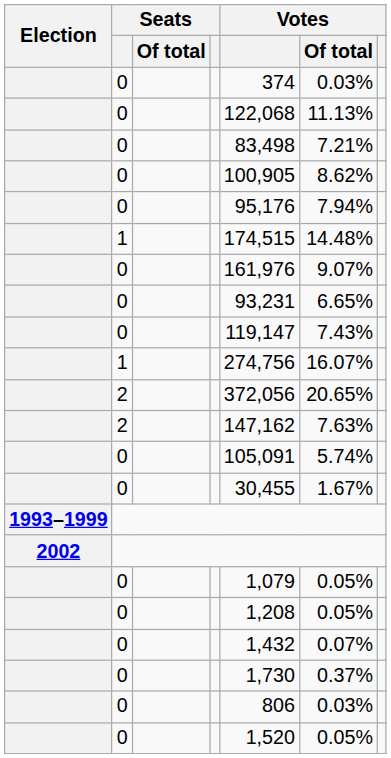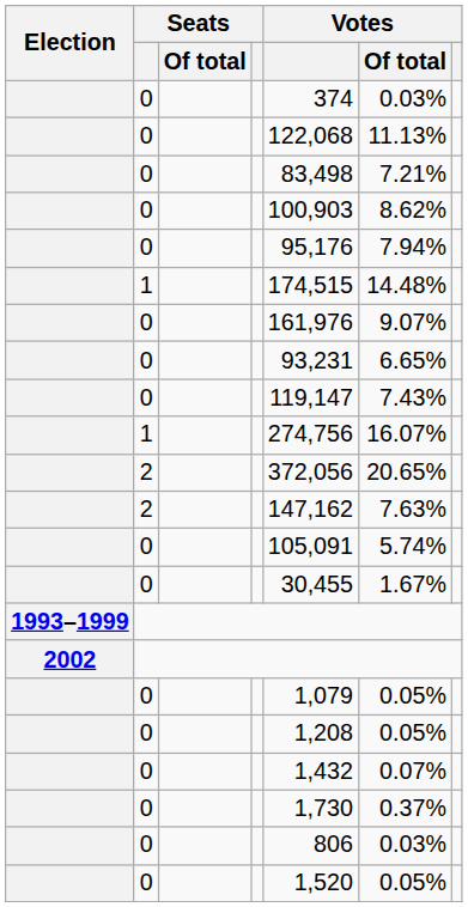 <table class="wikitable sortable" style="text-align:center;">
 <tr>
 <th rowspan=2>Election</th>
 <th colspan=3>Seats</th>
 <th colspan=3>Votes</th>
 </tr>
 <tr>
 <th></th>
 <th>Of total</th>
 <th class="unsortable"></th>
 <th></th>
 <th>Of total</th>
 <th class="unsortable"></th>
 </tr>
 <tr>
 <th></th>
 <td style="text-align:right;">0</td>
 <td style="text-align:right;"></td>
 <td data-sort-value=""></td>
 <td style="text-align:right;">374</td>
 <td style="text-align:right;">0.03%</td>
 <td></td>
 </tr>
 <tr>
 <th></th>
 <td style="text-align:right;">0</td>
 <td style="text-align:right;"></td>
 <td data-sort-value=""></td>
 <td style="text-align:right;">122,068</td>
 <td style="text-align:right;">11.13%</td>
 <td></td>
 </tr>
 <tr>
 <th></th>
 <td style="text-align:right;">0</td>
 <td style="text-align:right;"></td>
 <td data-sort-value=""></td>
 <td style="text-align:right;">83,498</td>
 <td style="text-align:right;">7.21%</td>
 <td></td>
 </tr>
 <tr>
 <th></th>
 <td style="text-align:right;">0</td>
 <td style="text-align:right;"></td>
 <td data-sort-value=""></td>
-<td style="text-align:right;">100,905</td>
+<td style="text-align:right;">100,903</td>
 <td style="text-align:right;">8.62%</td>
 <td></td>
 </tr>
 <tr>
 <th></th>
 <td style="text-align:right;">0</td>
 <td style="text-align:right;"></td>
 <td data-sort-value=""></td>
 <td style="text-align:right;">95,176</td>
 <td style="text-align:right;">7.94%</td>
 <td></td>
 </tr>
 <tr>
 <th></th>
 <td style="text-align:right;">1</td>
 <td style="text-align:right;"></td>
 <td data-sort-value=""></td>
 <td style="text-align:right;">174,515</td>
 <td style="text-align:right;">14.48%</td>
 <td></td>
 </tr>
 <tr>
 <th></th>
 <td style="text-align:right;">0</td>
 <td style="text-align:right;"></td>
 <td data-sort-value=""></td>
 <td style="text-align:right;">161,976</td>
 <td style="text-align:right;">9.07%</td>
 <td></td>
 </tr>
 <tr>
 <th></th>
 <td style="text-align:right;">0</td>
 <td style="text-align:right;"></td>
 <td data-sort-value=""></td>
 <td style="text-align:right;">93,231</td>
 <td style="text-align:right;">6.65%</td>
 <td></td>
 </tr>
 <tr>
 <th></th>
 <td style="text-align:right;">0</td>
 <td style="text-align:right;"></td>
 <td data-sort-value=""></td>
 <td style="text-align:right;">119,147</td>
 <td style="text-align:right;">7.43%</td>
 <td></td>
 </tr>
 <tr>
 <th></th>
 <td style="text-align:right;">1</td>
 <td style="text-align:right;"></td>
 <td data-sort-value=""></td>
 <td style="text-align:right;">274,756</td>
 <td style="text-align:right;">16.07%</td>
 <td></td>
 </tr>
 <tr>
 <th></th>
 <td style="text-align:right;">2</td>
 <td style="text-align:right;"></td>
 <td data-sort-value=""></td>
 <td style="text-align:right;">372,056</td>
 <td style="text-align:right;">20.65%</td>
 <td></td>
 </tr>
 <tr>
 <th></th>
 <td style="text-align:right;">2</td>
 <td style="text-align:right;"></td>
 <td data-sort-value=""></td>
 <td style="text-align:right;">147,162</td>
 <td style="text-align:right;">7.63%</td>
 <td></td>
 </tr>
 <tr>
 <th></th>
 <td style="text-align:right;">0</td>
 <td style="text-align:right;"></td>
 <td data-sort-value=""></td>
 <td style="text-align:right;">105,091</td>
 <td style="text-align:right;">5.74%</td>
 <td></td>
 </tr>
 <tr>
 <th></th>
 <td style="text-align:right;">0</td>
 <td style="text-align:right;"></td>
 <td data-sort-value=""></td>
 <td style="text-align:right;">30,455</td>
 <td style="text-align:right;">1.67%</td>
 <td></td>
 </tr>
 <tr>
 <th bgcolor=#f9f9f9><a href='#'>1993</a>–<a href='#'>1999</a></th>
 <td colspan=7></td>
 </tr>
 <tr>
 <th bgcolor=#f9f9f9><a href='#'>2002</a></th>
 <td colspan=7></td>
 </tr>
 <tr>
 <th></th>
 <td style="text-align:right;">0</td>
 <td style="text-align:right;"></td>
 <td data-sort-value=""></td>
 <td style="text-align:right;">1,079</td>
 <td style="text-align:right;">0.05%</td>
 <td></td>
 </tr>
 <tr>
 <th></th>
 <td style="text-align:right;">0</td>
 <td style="text-align:right;"></td>
 <td data-sort-value=""></td>
 <td style="text-align:right;">1,208</td>
 <td style="text-align:right;">0.05%</td>
 <td></td>
 </tr>
 <tr>
 <th></th>
 <td style="text-align:right;">0</td>
 <td style="text-align:right;"></td>
 <td data-sort-value=""></td>
 <td style="text-align:right;">1,432</td>
 <td style="text-align:right;">0.07%</td>
 <td></td>
 </tr>
 <tr>
 <th></th>
 <td style="text-align:right;">0</td>
 <td style="text-align:right;"></td>
 <td data-sort-value=""></td>
 <td style="text-align:right;">1,730</td>
 <td style="text-align:right;">0.37%</td>
 <td></td>
 </tr>
 <tr>
 <th></th>
 <td style="text-align:right;">0</td>
 <td style="text-align:right;"></td>
 <td data-sort-value=""></td>
 <td style="text-align:right;">806</td>
 <td style="text-align:right;">0.03%</td>
 <td></td>
 </tr>
 <tr>
 <th></th>
 <td style="text-align:right;">0</td>
 <td style="text-align:right;"></td>
 <td data-sort-value=""></td>
 <td style="text-align:right;">1,520</td>
 <td style="text-align:right;">0.05%</td>
 <td></td>
 </tr>
 <tr>
 </tr>
 </table>
